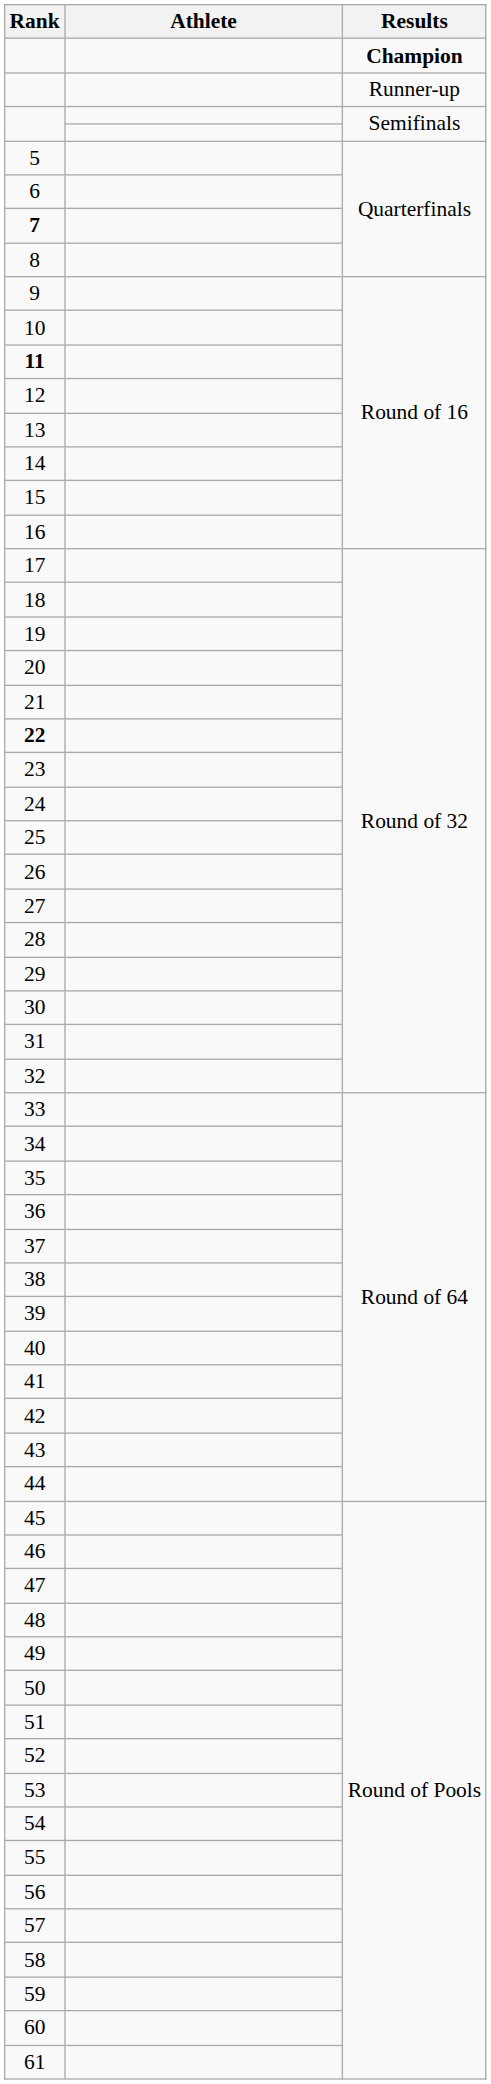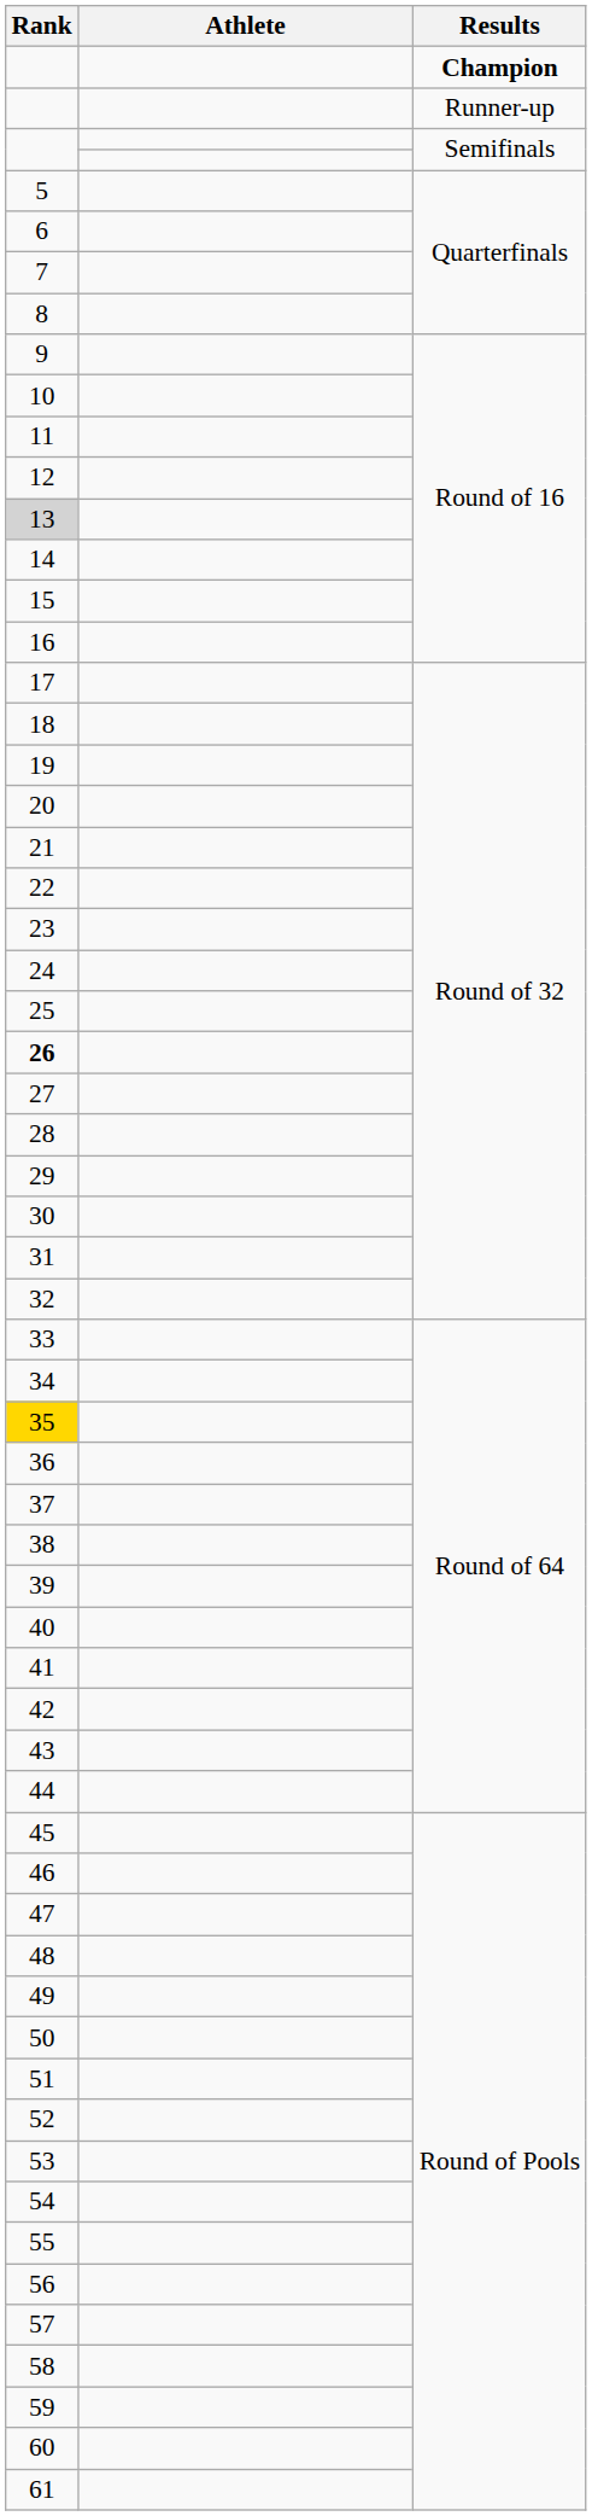 <table class="wikitable" style="text-align:center">
 <tr>
 <th width="25">Rank</th>
 <th width="200">Athlete</th>
 <th width="100">Results</th>
 </tr>
 <tr>
 <td></td>
 <td align="left"><strong></strong></td>
 <td><strong>Champion</strong></td>
 </tr>
 <tr>
 <td></td>
 <td align="left"></td>
 <td>Runner-up</td>
 </tr>
 <tr>
 <td rowspan="2"></td>
 <td align="left"></td>
 <td rowspan="2">Semifinals</td>
 </tr>
 <tr>
 <td align="left"></td>
 </tr>
 <tr>
 <td>5</td>
 <td align="left"></td>
 <td rowspan="4">Quarterfinals</td>
 </tr>
 <tr>
 <td>6</td>
 <td align="left"></td>
 </tr>
 <tr>
-<td><strong>7</strong></td>
+<td>7</td>
 <td align="left"></td>
 </tr>
 <tr>
 <td>8</td>
 <td align="left"></td>
 </tr>
 <tr>
 <td>9</td>
 <td align="left"></td>
 <td rowspan="8">Round of 16</td>
 </tr>
 <tr>
 <td>10</td>
 <td align="left"></td>
 </tr>
 <tr>
-<td><strong>11</strong></td>
+<td>11</td>
 <td align="left"></td>
 </tr>
 <tr>
 <td>12</td>
 <td align="left"></td>
 </tr>
 <tr>
-<td>13</td>
+<td style="background: lightgrey;">13</td>
 <td align="left"></td>
 </tr>
 <tr>
 <td>14</td>
 <td align="left"></td>
 </tr>
 <tr>
 <td>15</td>
 <td align="left"></td>
 </tr>
 <tr>
 <td>16</td>
 <td align="left"></td>
 </tr>
 <tr>
 <td>17</td>
 <td align="left"></td>
 <td rowspan="16">Round of 32</td>
 </tr>
 <tr>
 <td>18</td>
 <td align="left"></td>
 </tr>
 <tr>
 <td>19</td>
 <td align="left"></td>
 </tr>
 <tr>
 <td>20</td>
 <td align="left"></td>
 </tr>
 <tr>
 <td>21</td>
 <td align="left"></td>
 </tr>
 <tr>
-<td><strong>22</strong></td>
+<td>22</td>
 <td align="left"></td>
 </tr>
 <tr>
 <td>23</td>
 <td align="left"></td>
 </tr>
 <tr>
 <td>24</td>
 <td align="left"></td>
 </tr>
 <tr>
 <td>25</td>
 <td align="left"></td>
 </tr>
 <tr>
-<td>26</td>
+<td><strong>26</strong></td>
 <td align="left"></td>
 </tr>
 <tr>
 <td>27</td>
 <td align="left"></td>
 </tr>
 <tr>
 <td>28</td>
 <td align="left"></td>
 </tr>
 <tr>
 <td>29</td>
 <td align="left"></td>
 </tr>
 <tr>
 <td>30</td>
 <td align="left"></td>
 </tr>
 <tr>
 <td>31</td>
 <td align="left"></td>
 </tr>
 <tr>
 <td>32</td>
 <td align="left"></td>
 </tr>
 <tr>
 <td>33</td>
 <td align="left"></td>
 <td rowspan="12">Round of 64</td>
 </tr>
 <tr>
 <td>34</td>
 <td align="left"></td>
 </tr>
 <tr>
-<td>35</td>
+<td style="background: gold;">35</td>
 <td align="left"></td>
 </tr>
 <tr>
 <td>36</td>
 <td align="left"></td>
 </tr>
 <tr>
 <td>37</td>
 <td align="left"></td>
 </tr>
 <tr>
 <td>38</td>
 <td align="left"></td>
 </tr>
 <tr>
 <td>39</td>
 <td align="left"></td>
 </tr>
 <tr>
 <td>40</td>
 <td align="left"></td>
 </tr>
 <tr>
 <td>41</td>
 <td align="left"></td>
 </tr>
 <tr>
 <td>42</td>
 <td align="left"></td>
 </tr>
 <tr>
 <td>43</td>
 <td align="left"></td>
 </tr>
 <tr>
 <td>44</td>
 <td align="left"></td>
 </tr>
 <tr>
 <td>45</td>
 <td align="left"></td>
 <td rowspan="17">Round of Pools</td>
 </tr>
 <tr>
 <td>46</td>
 <td align="left"></td>
 </tr>
 <tr>
 <td>47</td>
 <td align="left"></td>
 </tr>
 <tr>
 <td>48</td>
 <td align="left"></td>
 </tr>
 <tr>
 <td>49</td>
 <td align="left"></td>
 </tr>
 <tr>
 <td>50</td>
 <td align="left"></td>
 </tr>
 <tr>
 <td>51</td>
 <td align="left"></td>
 </tr>
 <tr>
 <td>52</td>
 <td align="left"></td>
 </tr>
 <tr>
 <td>53</td>
 <td align="left"></td>
 </tr>
 <tr>
 <td>54</td>
 <td align="left"></td>
 </tr>
 <tr>
 <td>55</td>
 <td align="left"></td>
 </tr>
 <tr>
 <td>56</td>
 <td align="left"></td>
 </tr>
 <tr>
 <td>57</td>
 <td align="left"></td>
 </tr>
 <tr>
 <td>58</td>
 <td align="left"></td>
 </tr>
 <tr>
 <td>59</td>
 <td align="left"></td>
 </tr>
 <tr>
 <td>60</td>
 <td align="left"></td>
 </tr>
 <tr>
 <td>61</td>
 <td align="left"></td>
 </tr>
 </table>
